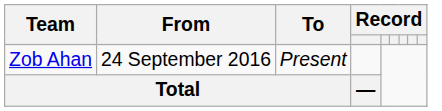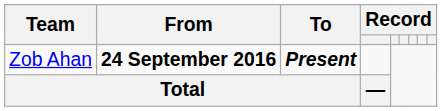 <table class="wikitable" style="text-align: center">
 <tr>
 <th rowspan="2">Team</th>
 <th rowspan="2">From</th>
 <th rowspan="2">To</th>
 <th colspan="6">Record</th>
 </tr>
 <tr>
 <th></th>
 <th></th>
 <th></th>
 <th></th>
 <th></th>
 <th></th>
 </tr>
 <tr>
 <td><a href='#'>Zob Ahan</a></td>
-<td>24 September 2016</td>
-<td><em>Present</em><br></td>
+<td><strong>24 September 2016</strong></td>
+<td><strong><em>Present</em><br></strong></td>
 <td></td>
 </tr>
 <tr>
 <th colspan="3">Total<br></th>
 <th>—</th>
 </tr>
 </table>
